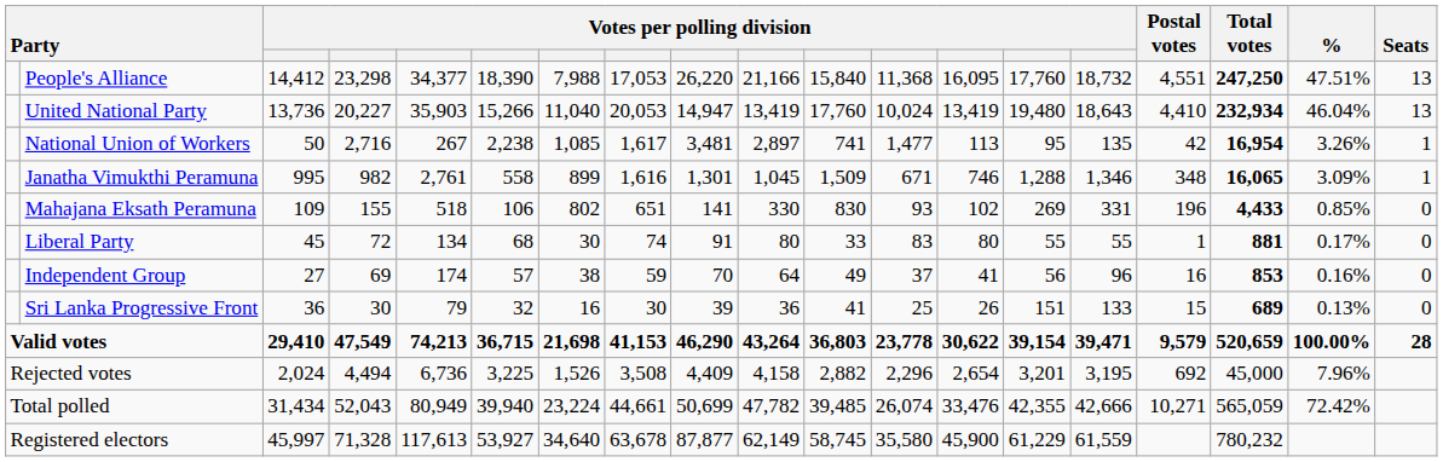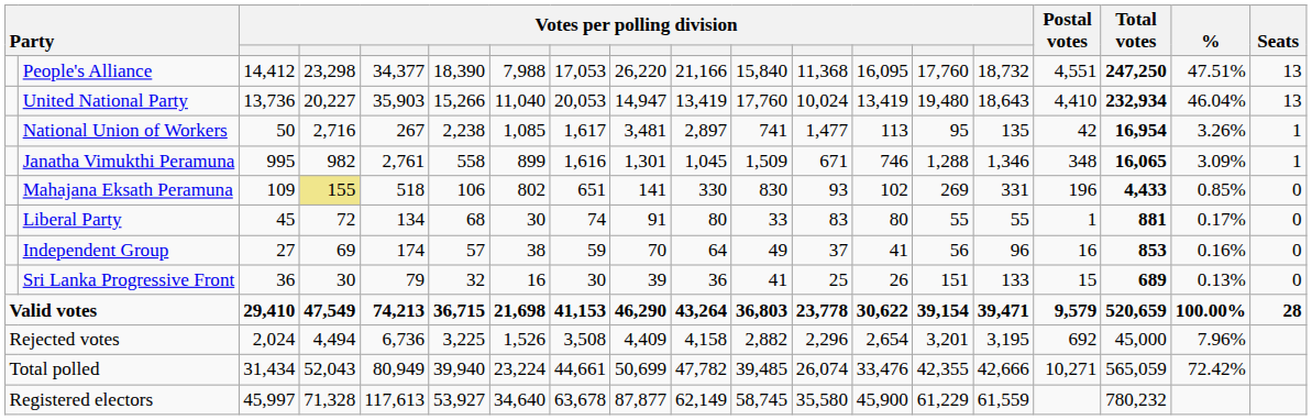 <table class="wikitable" border="1" style="text-align:right;">
 <tr>
 <th style="text-align:left; vertical-align:bottom;" rowspan="2" colspan="2">Party</th>
 <th colspan=13>Votes per polling division</th>
 <th rowspan="2" style="vertical-align:bottom; text-align:center; width:50px;">Postal<br>votes</th>
 <th rowspan="2" style="vertical-align:bottom; text-align:center; width:50px;">Total votes</th>
 <th rowspan="2" style="vertical-align:bottom; text-align:center; width:50px;">%</th>
 <th rowspan="2" style="vertical-align:bottom; text-align:center; width:40px;">Seats</th>
 </tr>
 <tr>
 <th></th>
 <th></th>
 <th></th>
 <th></th>
 <th></th>
 <th></th>
 <th></th>
 <th></th>
 <th></th>
 <th></th>
 <th></th>
 <th></th>
 <th></th>
 </tr>
 <tr>
 <td bgcolor=> </td>
 <td align=left><a href='#'>People's Alliance</a></td>
 <td>14,412</td>
 <td>23,298</td>
 <td>34,377</td>
 <td>18,390</td>
 <td>7,988</td>
 <td>17,053</td>
 <td>26,220</td>
 <td>21,166</td>
 <td>15,840</td>
 <td>11,368</td>
 <td>16,095</td>
 <td>17,760</td>
 <td>18,732</td>
 <td>4,551</td>
 <td><strong>247,250</strong></td>
 <td>47.51%</td>
 <td>13</td>
 </tr>
 <tr>
 <td bgcolor=> </td>
 <td align=left><a href='#'>United National Party</a></td>
 <td>13,736</td>
 <td>20,227</td>
 <td>35,903</td>
 <td>15,266</td>
 <td>11,040</td>
 <td>20,053</td>
 <td>14,947</td>
 <td>13,419</td>
 <td>17,760</td>
 <td>10,024</td>
 <td>13,419</td>
 <td>19,480</td>
 <td>18,643</td>
 <td>4,410</td>
 <td><strong>232,934</strong></td>
 <td>46.04%</td>
 <td>13</td>
 </tr>
 <tr>
 <td bgcolor=> </td>
 <td align=left><a href='#'>National Union of Workers</a></td>
 <td>50</td>
 <td>2,716</td>
 <td>267</td>
 <td>2,238</td>
 <td>1,085</td>
 <td>1,617</td>
 <td>3,481</td>
 <td>2,897</td>
 <td>741</td>
 <td>1,477</td>
 <td>113</td>
 <td>95</td>
 <td>135</td>
 <td>42</td>
 <td><strong>16,954</strong></td>
 <td>3.26%</td>
 <td>1</td>
 </tr>
 <tr>
 <td bgcolor=> </td>
 <td align=left><a href='#'>Janatha Vimukthi Peramuna</a></td>
 <td>995</td>
 <td>982</td>
 <td>2,761</td>
 <td>558</td>
 <td>899</td>
 <td>1,616</td>
 <td>1,301</td>
 <td>1,045</td>
 <td>1,509</td>
 <td>671</td>
 <td>746</td>
 <td>1,288</td>
 <td>1,346</td>
 <td>348</td>
 <td><strong>16,065</strong></td>
 <td>3.09%</td>
 <td>1</td>
 </tr>
 <tr>
 <td bgcolor=> </td>
 <td align=left><a href='#'>Mahajana Eksath Peramuna</a></td>
 <td>109</td>
-<td>155</td>
+<td style="background: khaki;">155</td>
 <td>518</td>
 <td>106</td>
 <td>802</td>
 <td>651</td>
 <td>141</td>
 <td>330</td>
 <td>830</td>
 <td>93</td>
 <td>102</td>
 <td>269</td>
 <td>331</td>
 <td>196</td>
 <td><strong>4,433</strong></td>
 <td>0.85%</td>
 <td>0</td>
 </tr>
 <tr>
 <td bgcolor=> </td>
 <td align=left><a href='#'>Liberal Party</a></td>
 <td>45</td>
 <td>72</td>
 <td>134</td>
 <td>68</td>
 <td>30</td>
 <td>74</td>
 <td>91</td>
 <td>80</td>
 <td>33</td>
 <td>83</td>
 <td>80</td>
 <td>55</td>
 <td>55</td>
 <td>1</td>
 <td><strong>881</strong></td>
 <td>0.17%</td>
 <td>0</td>
 </tr>
 <tr>
 <td bgcolor=> </td>
 <td align=left><a href='#'>Independent Group</a></td>
 <td>27</td>
 <td>69</td>
 <td>174</td>
 <td>57</td>
 <td>38</td>
 <td>59</td>
 <td>70</td>
 <td>64</td>
 <td>49</td>
 <td>37</td>
 <td>41</td>
 <td>56</td>
 <td>96</td>
 <td>16</td>
 <td><strong>853</strong></td>
 <td>0.16%</td>
 <td>0</td>
 </tr>
 <tr>
 <td bgcolor=> </td>
 <td align=left><a href='#'>Sri Lanka Progressive Front</a></td>
 <td>36</td>
 <td>30</td>
 <td>79</td>
 <td>32</td>
 <td>16</td>
 <td>30</td>
 <td>39</td>
 <td>36</td>
 <td>41</td>
 <td>25</td>
 <td>26</td>
 <td>151</td>
 <td>133</td>
 <td>15</td>
 <td><strong>689</strong></td>
 <td>0.13%</td>
 <td>0</td>
 </tr>
 <tr>
 <td align=left colspan=2><strong>Valid votes</strong></td>
 <td><strong>29,410</strong></td>
 <td><strong>47,549</strong></td>
 <td><strong>74,213</strong></td>
 <td><strong>36,715</strong></td>
 <td><strong>21,698</strong></td>
 <td><strong>41,153</strong></td>
 <td><strong>46,290</strong></td>
 <td><strong>43,264</strong></td>
 <td><strong>36,803</strong></td>
 <td><strong>23,778</strong></td>
 <td><strong>30,622</strong></td>
 <td><strong>39,154</strong></td>
 <td><strong>39,471</strong></td>
 <td><strong>9,579</strong></td>
 <td><strong>520,659</strong></td>
 <td><strong>100.00%</strong></td>
 <td><strong>28</strong></td>
 </tr>
 <tr>
 <td align=left colspan=2>Rejected votes</td>
 <td>2,024</td>
 <td>4,494</td>
 <td>6,736</td>
 <td>3,225</td>
 <td>1,526</td>
 <td>3,508</td>
 <td>4,409</td>
 <td>4,158</td>
 <td>2,882</td>
 <td>2,296</td>
 <td>2,654</td>
 <td>3,201</td>
 <td>3,195</td>
 <td>692</td>
 <td>45,000</td>
 <td>7.96%</td>
 <td></td>
 </tr>
 <tr>
 <td align=left colspan=2>Total polled</td>
 <td>31,434</td>
 <td>52,043</td>
 <td>80,949</td>
 <td>39,940</td>
 <td>23,224</td>
 <td>44,661</td>
 <td>50,699</td>
 <td>47,782</td>
 <td>39,485</td>
 <td>26,074</td>
 <td>33,476</td>
 <td>42,355</td>
 <td>42,666</td>
 <td>10,271</td>
 <td>565,059</td>
 <td>72.42%</td>
 <td></td>
 </tr>
 <tr>
 <td align=left colspan=2>Registered electors</td>
 <td>45,997</td>
 <td>71,328</td>
 <td>117,613</td>
 <td>53,927</td>
 <td>34,640</td>
 <td>63,678</td>
 <td>87,877</td>
 <td>62,149</td>
 <td>58,745</td>
 <td>35,580</td>
 <td>45,900</td>
 <td>61,229</td>
 <td>61,559</td>
 <td></td>
 <td>780,232</td>
 <td></td>
 <td></td>
 </tr>
 </table>
